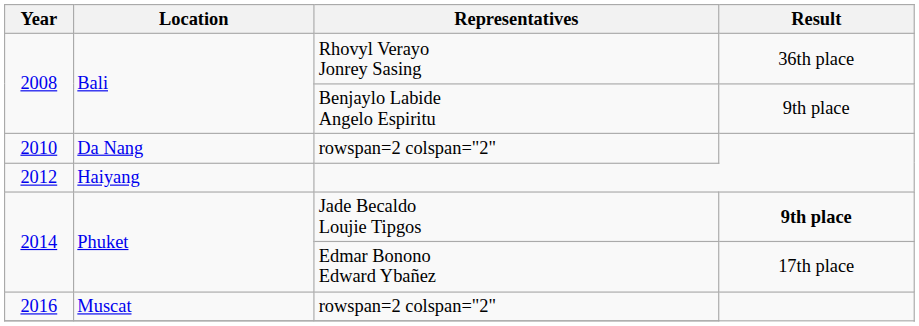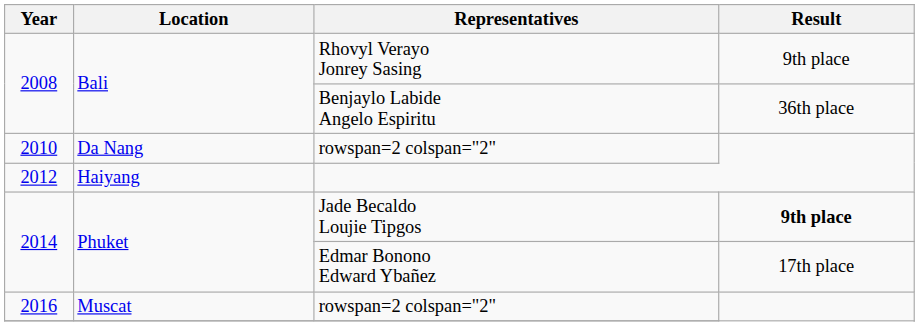 <table class="wikitable" style="font-size:100%; width:50%;">
 <tr>
 <th style= "align=center; width:10em;">Year</th>
 <th style= "align=center; width:60em;">Location</th>
 <th style= "align=center; width:100em;">Representatives</th>
 <th style= "align=center; width:50em;">Result</th>
 </tr>
 <tr>
 <td rowspan=2 align=center><a href='#'>2008</a></td>
 <td rowspan=2> <a href='#'>Bali</a></td>
 <td>Rhovyl Verayo <br> Jonrey Sasing</td>
-<td align=center>36th place</td>
+<td align=center>9th place</td>
 </tr>
 <tr>
 <td>Benjaylo Labide <br> Angelo Espiritu</td>
-<td align=center>9th place</td>
+<td align=center>36th place</td>
 </tr>
 <tr>
 <td align=center><a href='#'>2010</a></td>
 <td> <a href='#'>Da Nang</a></td>
 <td>rowspan=2 colspan="2" <small>  </small></td>
 </tr>
 <tr>
 <td align=center><a href='#'>2012</a></td>
 <td> <a href='#'>Haiyang</a></td>
 </tr>
 <tr>
 <td rowspan=2 align=center><a href='#'>2014</a></td>
 <td rowspan=2> <a href='#'>Phuket</a></td>
 <td>Jade Becaldo <br> Loujie Tipgos</td>
 <td align=center><strong>9th place</strong></td>
 </tr>
 <tr>
 <td>Edmar Bonono <br> Edward Ybañez</td>
 <td align=center>17th place</td>
 </tr>
 <tr>
 <td align=center><a href='#'>2016</a></td>
 <td> <a href='#'>Muscat</a></td>
 <td>rowspan=2 colspan="2" <small>  </small></td>
 </tr>
 <tr>
 </tr>
 </table>
